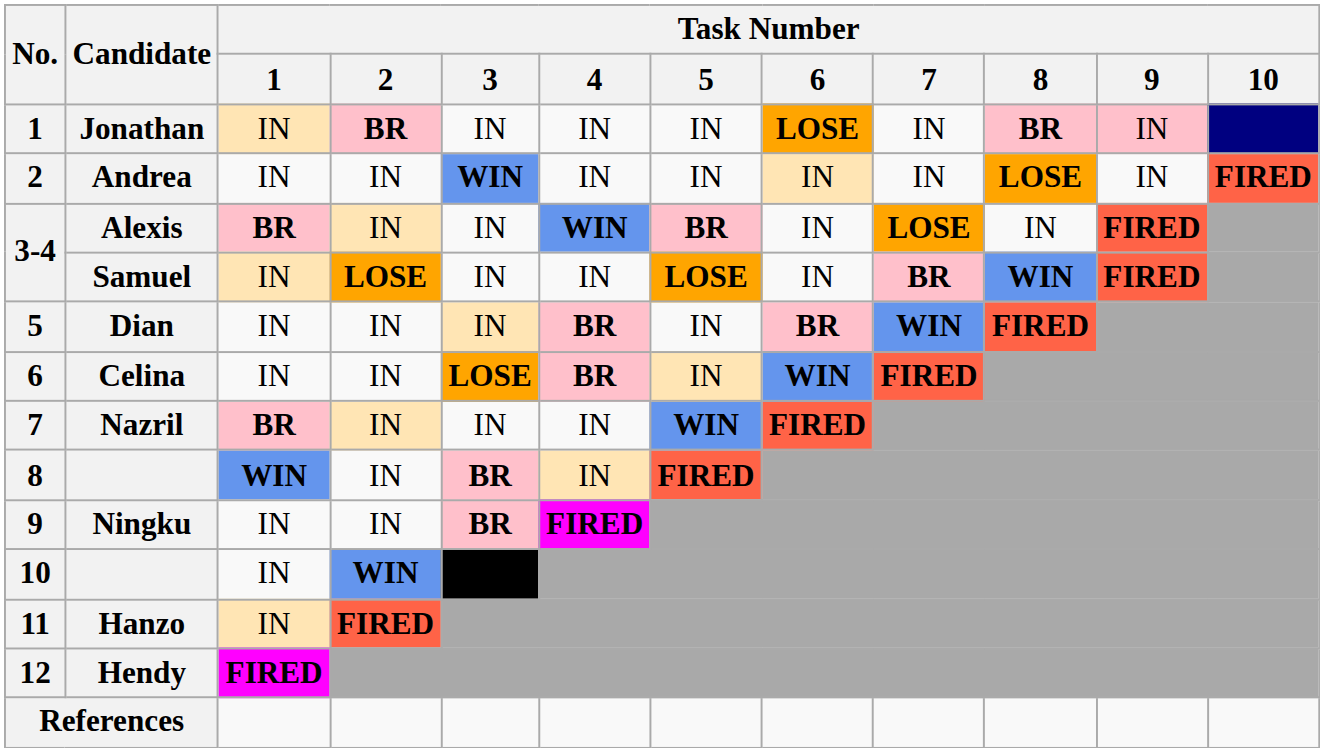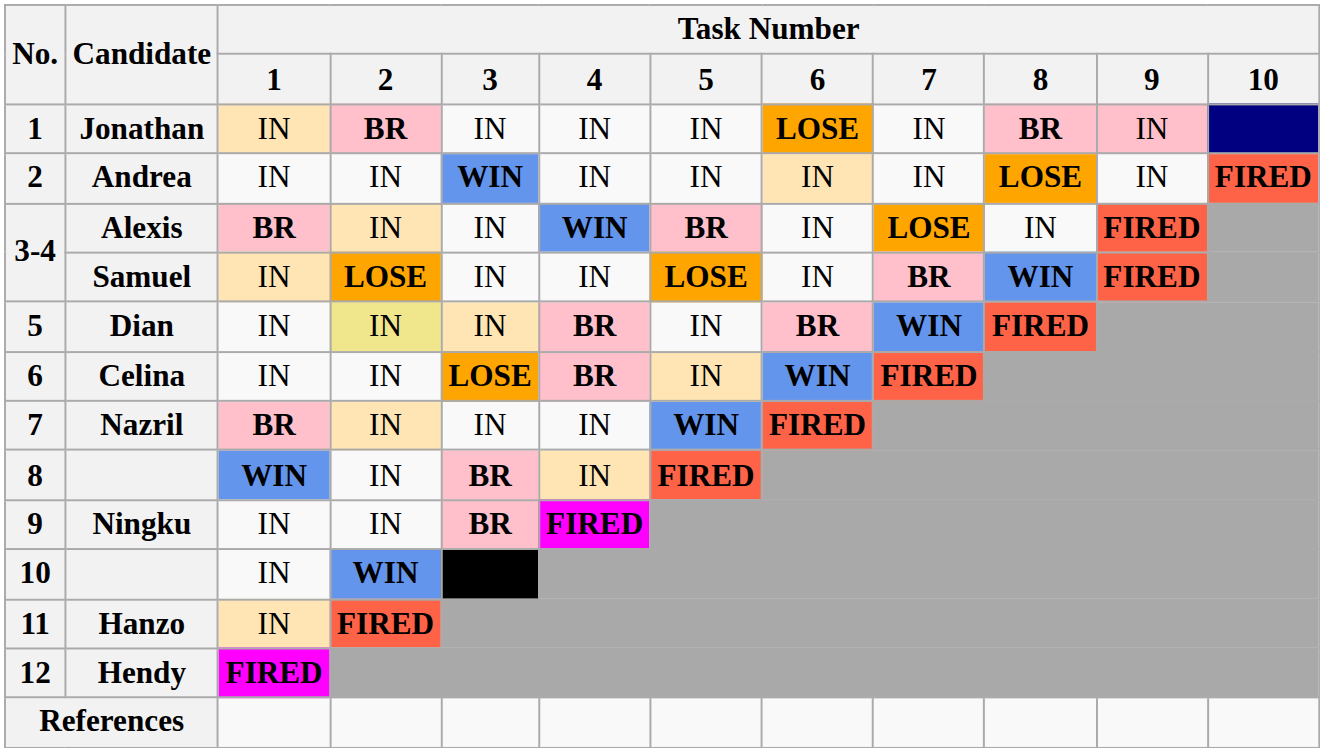 <table class="wikitable" style="text-align:center;">
 <tr>
 <th rowspan="2">No.</th>
 <th rowspan="2">Candidate</th>
 <th colspan="13">Task Number</th>
 </tr>
 <tr>
 <th>1</th>
 <th>2</th>
 <th>3</th>
 <th>4</th>
 <th>5</th>
 <th>6</th>
 <th>7</th>
 <th>8</th>
 <th>9</th>
 <th>10</th>
 </tr>
 <tr>
 <th>1</th>
 <th scope="row" style="text-align:centre">Jonathan</th>
 <td bgcolor="#FFE5B4">IN</td>
 <th style="background:pink;">BR</th>
 <td>IN</td>
 <td>IN</td>
 <td>IN</td>
 <th style="background:orange;">LOSE</th>
 <td>IN</td>
 <th style="background:pink;">BR</th>
 <td style="background: pink;">IN</td>
 <th style="background:navy;"></th>
 </tr>
 <tr>
 <th>2</th>
 <th scope="row" style="text-align:centre">Andrea</th>
 <td>IN</td>
 <td>IN</td>
 <th style="background:cornflowerblue;">WIN</th>
 <td>IN</td>
 <td>IN</td>
 <td bgcolor="#FFE5B4">IN</td>
 <td>IN</td>
 <th style="background:orange;">LOSE</th>
 <td>IN</td>
 <th style="background:tomato;">FIRED</th>
 </tr>
 <tr>
 <th rowspan="2">3-4</th>
 <th scope="row" style="text-align:centre">Alexis</th>
 <th style="background:pink;">BR</th>
 <td bgcolor="#FFE5B4">IN</td>
 <td>IN</td>
 <th style="background:cornflowerblue;">WIN</th>
 <th style="background:pink;">BR</th>
 <td>IN</td>
 <th style="background:orange;">LOSE</th>
 <td>IN</td>
 <th style="background:tomato;">FIRED</th>
 <td colspan="4" style="background:darkgray;"></td>
 </tr>
 <tr>
 <th scope="row" style="text-align:centre">Samuel</th>
 <td bgcolor="#FFE5B4">IN</td>
 <th style="background:orange;">LOSE</th>
 <td>IN</td>
 <td>IN</td>
 <th style="background:orange;">LOSE</th>
 <td>IN</td>
 <th style="background:pink;">BR</th>
 <th style="background:cornflowerblue;">WIN</th>
 <th style="background:tomato;">FIRED</th>
 <td colspan="4" style="background:darkgray;"></td>
 </tr>
 <tr>
 <th>5</th>
 <th scope="row" style="text-align:centre">Dian</th>
 <td>IN</td>
-<td>IN</td>
+<td style="background: khaki;">IN</td>
 <td bgcolor="#FFE5B4">IN</td>
 <th style="background:pink;">BR</th>
 <td>IN</td>
 <th style="background:pink;">BR</th>
 <th style="background:cornflowerblue;">WIN</th>
 <th style="background:tomato;">FIRED</th>
 <td colspan="5" style="background:darkgray;"></td>
 </tr>
 <tr>
 <th>6</th>
 <th scope="row" style="text-align:centre">Celina</th>
 <td>IN</td>
 <td>IN</td>
 <th style="background:orange;">LOSE</th>
 <th style="background:pink;">BR</th>
 <td bgcolor="#FFE5B4">IN</td>
 <th style="background:cornflowerblue;">WIN</th>
 <th style="background:tomato;">FIRED</th>
 <td colspan="6" style="background:darkgray;"></td>
 </tr>
 <tr>
 <th>7</th>
 <th scope="row" style="text-align:centre">Nazril</th>
 <th style="background:pink;">BR</th>
 <td bgcolor="#FFE5B4">IN</td>
 <td>IN</td>
 <td>IN</td>
 <th style="background:cornflowerblue;">WIN</th>
 <th style="background:tomato;">FIRED</th>
 <td colspan="7" style="background:darkgray;"></td>
 </tr>
 <tr>
 <th>8</th>
 <th scope="row" style="text-align:centre"></th>
 <th style="background:cornflowerblue;">WIN</th>
 <td>IN</td>
 <th style="background:pink;">BR</th>
 <td bgcolor="#FFE5B4">IN</td>
 <th style="background:tomato;">FIRED</th>
 <td colspan="8" style="background:darkgray;"></td>
 </tr>
 <tr>
 <th>9</th>
 <th scope="row" style="text-align:centre">Ningku</th>
 <td>IN</td>
 <td>IN</td>
 <th style="background:pink;">BR</th>
 <th style="background:magenta;">FIRED</th>
 <td colspan="9" style="background:darkgray;"></td>
 </tr>
 <tr>
 <th>10</th>
 <th scope="row" style="text-align:centre"></th>
 <td>IN</td>
 <th style="background:cornflowerblue;">WIN</th>
 <th style="background:black;"></th>
 <td colspan="10" style="background:darkgray;"></td>
 </tr>
 <tr>
 <th>11</th>
 <th scope="row" style="text-align:centre">Hanzo</th>
 <td bgcolor="#FFE5B4">IN</td>
 <th style="background:tomato;">FIRED</th>
 <td colspan="11" style="background:darkgray;"></td>
 </tr>
 <tr>
 <th>12</th>
 <th scope="row" style="text-align:centre">Hendy</th>
 <th style="background:magenta;">FIRED</th>
 <td colspan="12" style="background:darkgray;"></td>
 </tr>
 <tr>
 <th colspan="2" scope="row">References</th>
 <td></td>
 <td></td>
 <td></td>
 <td></td>
 <td></td>
 <td></td>
 <td></td>
 <td></td>
 <td></td>
 <td></td>
 </tr>
 </table>
